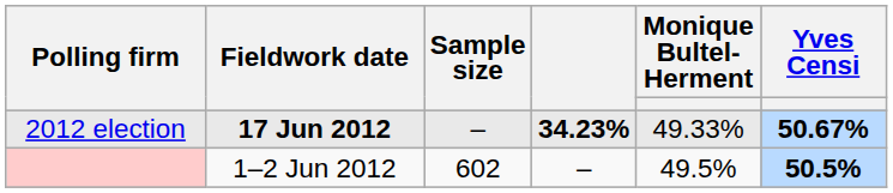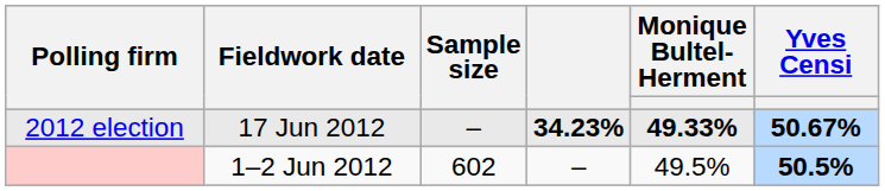 <table class="wikitable sortable" style="text-align:center;font-size:90%;line-height:14px;">
 <tr style="height:40px;">
 <th style="width:100px;" rowspan="2">Polling firm</th>
 <th style="width:110px;" rowspan="2">Fieldwork date</th>
 <th style="width:35px;" rowspan="2">Sample<br>size</th>
 <th style="width:30px;" rowspan="2"></th>
 <th class="unsortable" style="width:60px;">Monique Bultel-Herment<br></th>
 <th class="unsortable" style="width:60px;"><a href='#'>Yves Censi</a><br></th>
 </tr>
 <tr>
 <th style="background:"></th>
 <th style="background:"></th>
 </tr>
 <tr style="background:#E9E9E9;">
 <td><a href='#'>2012 election</a></td>
-<td data-sort-value="2012-06-17"><strong>17 Jun 2012</strong></td>
+<td data-sort-value="2012-06-17">17 Jun 2012</td>
 <td>–</td>
 <td><strong>34.23%</strong></td>
-<td>49.33%</td>
+<td><strong>49.33%</strong></td>
 <td style="background:#B9DAFF;"><strong>50.67%</strong></td>
 </tr>
 <tr>
 <td style="background:#FFCCCC;"></td>
 <td data-sort-value="2012-06-02">1–2 Jun 2012</td>
 <td>602</td>
 <td>–</td>
 <td>49.5%</td>
 <td style="background:#B9DAFF;"><strong>50.5%</strong></td>
 </tr>
 </table>
